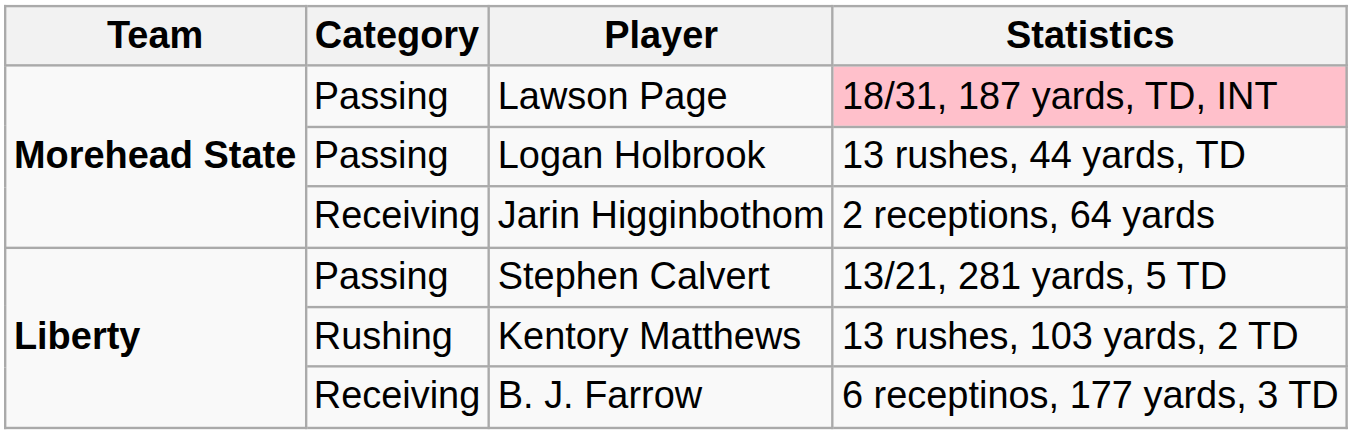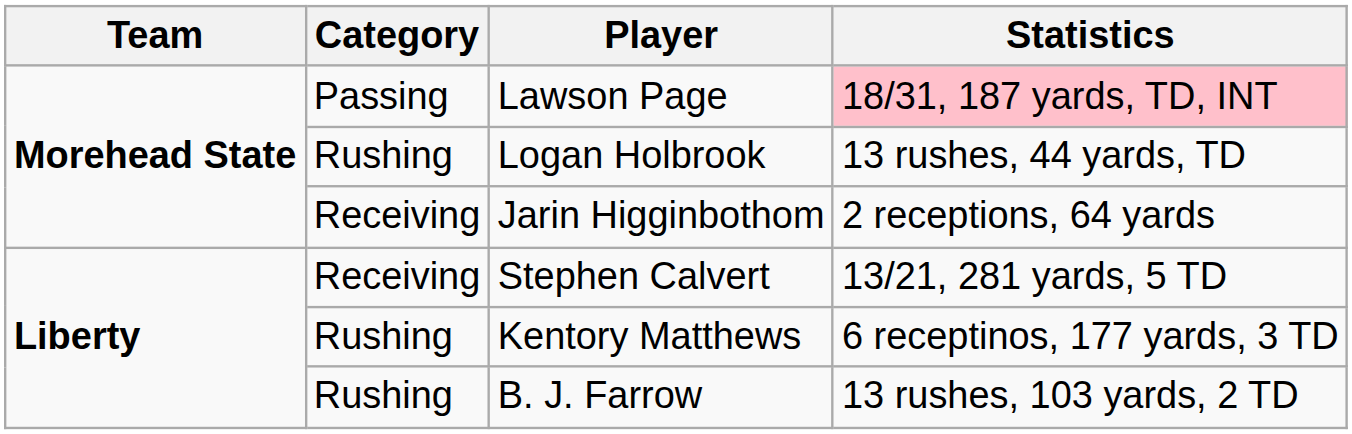 <table class="wikitable" style="float: left;">
 <tr>
 <th>Team</th>
 <th>Category</th>
 <th>Player</th>
 <th>Statistics</th>
 </tr>
 <tr>
 <td rowspan=3><strong>Morehead State</strong></td>
 <td>Passing</td>
 <td>Lawson Page</td>
 <td style="background: pink;">18/31, 187 yards, TD, INT</td>
 </tr>
 <tr>
-<td>Passing</td>
+<td>Rushing</td>
 <td>Logan Holbrook</td>
 <td>13 rushes, 44 yards, TD</td>
 </tr>
 <tr>
 <td>Receiving</td>
 <td>Jarin Higginbothom</td>
 <td>2 receptions, 64 yards</td>
 </tr>
 <tr>
 <td rowspan=3><strong>Liberty</strong></td>
-<td>Passing</td>
+<td>Receiving</td>
 <td>Stephen Calvert</td>
 <td>13/21, 281 yards, 5 TD</td>
 </tr>
 <tr>
 <td>Rushing</td>
 <td>Kentory Matthews</td>
+<td>6 receptinos, 177 yards, 3 TD</td>
+</tr>
+<tr>
+<td>Rushing</td>
+<td>B. J. Farrow</td>
 <td>13 rushes, 103 yards, 2 TD</td>
 </tr>
-<tr>
-<td>Receiving</td>
-<td>B. J. Farrow</td>
-<td>6 receptinos, 177 yards, 3 TD</td>
-</tr>
 </table>
